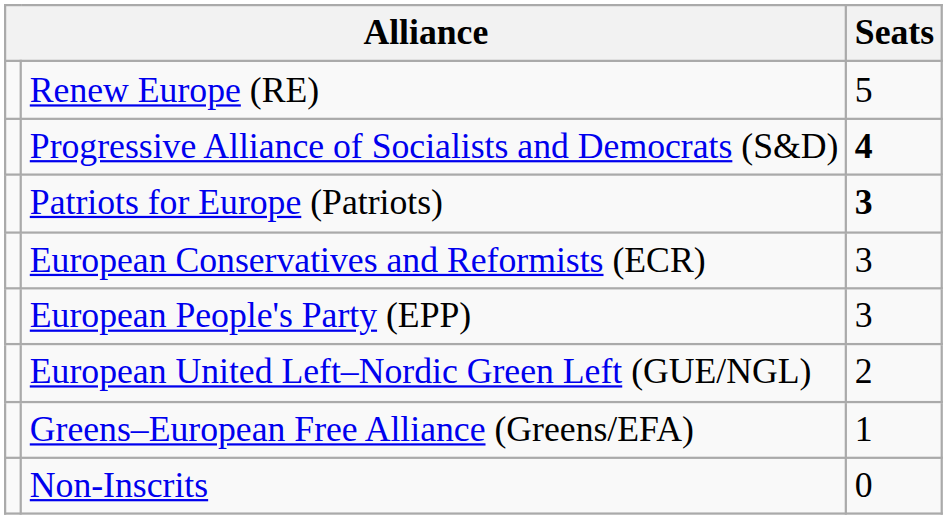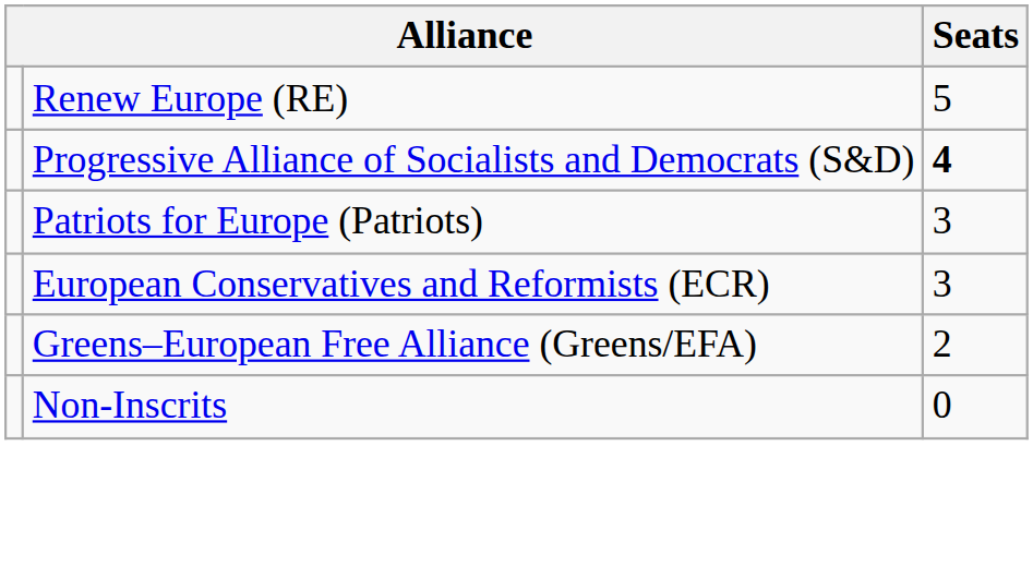 <table class="wikitable">
 <tr>
 <th colspan="2">Alliance</th>
 <th>Seats</th>
 </tr>
 <tr>
 <td style="background-color: "></td>
 <td><a href='#'>Renew Europe</a> (RE)</td>
 <td>5</td>
 </tr>
 <tr>
 <td style="background-color: "></td>
 <td><a href='#'>Progressive Alliance of Socialists and Democrats</a> (S&D)</td>
 <td><strong>4</strong></td>
 </tr>
 <tr>
 <td style="background-color: "></td>
 <td><a href='#'>Patriots for Europe</a> (Patriots)</td>
-<td><strong>3</strong></td>
+<td>3</td>
 </tr>
 <tr>
 <td style="background-color: "></td>
 <td><a href='#'>European Conservatives and Reformists</a> (ECR)</td>
 <td>3</td>
 </tr>
 <tr>
 <td style="background-color: "></td>
-<td><a href='#'>European People's Party</a> (EPP)</td>
-<td>3</td>
-</tr>
-<tr>
-<td style="background-color: "></td>
-<td><a href='#'>European United Left–Nordic Green Left</a> (GUE/NGL)</td>
+<td><a href='#'>Greens–European Free Alliance</a> (Greens/EFA)</td>
 <td>2</td>
-</tr>
-<tr>
-<td style="background-color: "></td>
-<td><a href='#'>Greens–European Free Alliance</a> (Greens/EFA)</td>
-<td>1</td>
 </tr>
 <tr>
 <td style="background-color: "></td>
 <td><a href='#'>Non-Inscrits</a></td>
 <td>0</td>
 </tr>
 </table>
